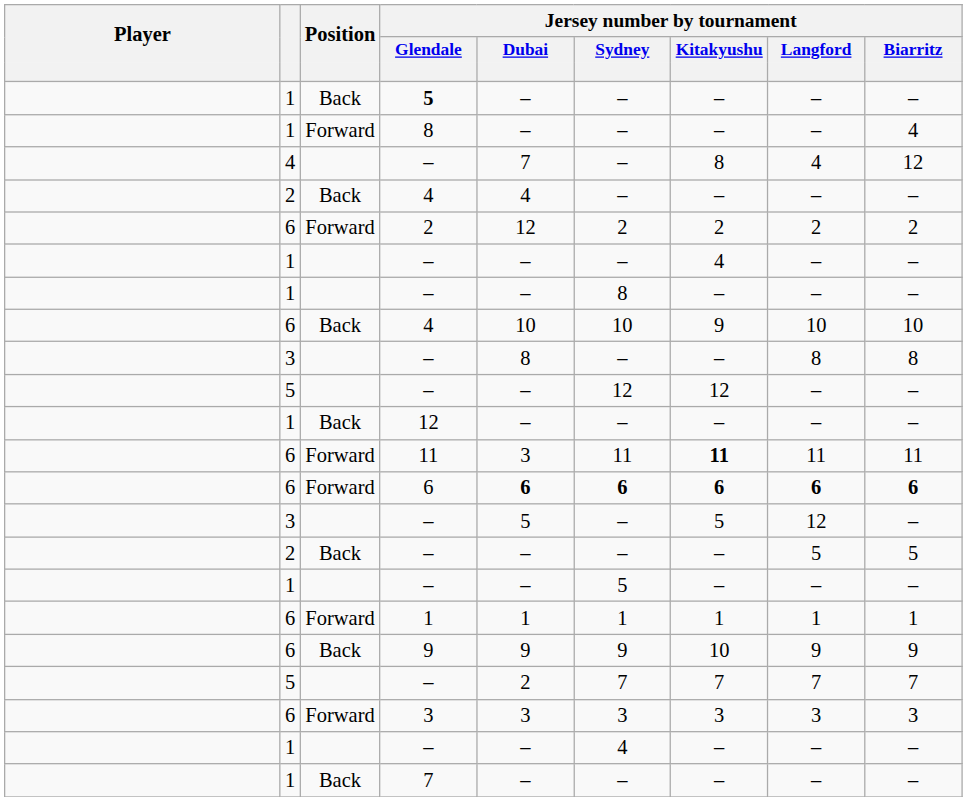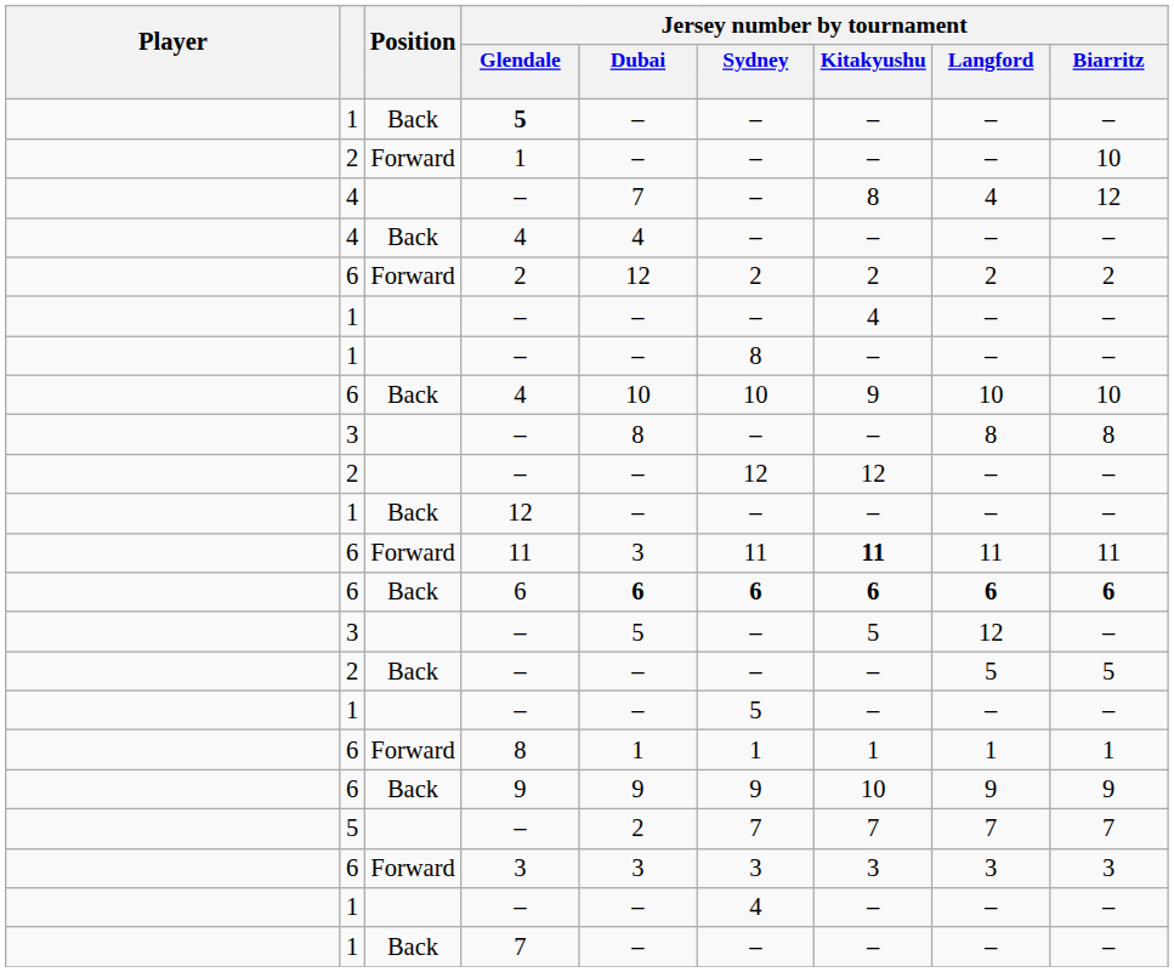 <table class="wikitable sortable" style="text-align:center;">
 <tr>
 <th rowspan=2 style="border-bottom:0px; width:13em;">Player</th>
 <th rowspan=2 style="border-bottom:0px;"></th>
 <th rowspan=2 style="border-bottom:0px;">Position</th>
 <th colspan=6 style="font-size:95%;">Jersey number by tournament</th>
 </tr>
 <tr>
 <th style="vertical-align:top; width:5.2em; border-bottom:0; padding:2px; font-size:85%;"><a href='#'>Glendale</a></th>
 <th style="vertical-align:top; width:5.2em; border-bottom:0; padding:2px; font-size:85%;"><a href='#'>Dubai</a></th>
 <th style="vertical-align:top; width:5.2em; border-bottom:0; padding:2px; font-size:85%;"><a href='#'>Sydney</a></th>
 <th style="vertical-align:top; width:5.2em; border-bottom:0; padding:2px; font-size:85%;"><a href='#'>Kitakyushu</a></th>
 <th style="vertical-align:top; width:5.2em; border-bottom:0; padding:2px; font-size:85%;"><a href='#'>Langford</a></th>
 <th style="vertical-align:top; width:5.2em; border-bottom:0; padding:2px; font-size:85%;"><a href='#'>Biarritz</a></th>
 </tr>
 <tr style="line-height:8px;">
 <th style="border-top:0;"> </th>
 <th style="border-top:0;"></th>
 <th style="border-top:0;"></th>
 <th data-sort-type="number" style="border-top:0;"></th>
 <th data-sort-type="number" style="border-top:0;"></th>
 <th data-sort-type="number" style="border-top:0;"></th>
 <th data-sort-type="number" style="border-top:0;"></th>
 <th data-sort-type="number" style="border-top:0;"></th>
 <th data-sort-type="number" style="border-top:0;"></th>
 </tr>
 <tr>
 <td align=left></td>
 <td>1</td>
 <td>Back</td>
 <td><strong>5</strong></td>
 <td>–</td>
 <td>–</td>
 <td>–</td>
 <td>–</td>
 <td>–</td>
 </tr>
 <tr>
 <td align=left></td>
+<td>2</td>
+<td>Forward</td>
 <td>1</td>
-<td>Forward</td>
-<td>8</td>
 <td>–</td>
 <td>–</td>
 <td>–</td>
 <td>–</td>
-<td>4</td>
+<td>10</td>
 </tr>
 <tr>
 <td align=left></td>
 <td>4</td>
 <td></td>
 <td>–</td>
 <td>7</td>
 <td>–</td>
 <td>8</td>
 <td>4</td>
 <td>12</td>
 </tr>
 <tr>
 <td align=left></td>
-<td>2</td>
+<td>4</td>
 <td>Back</td>
 <td>4</td>
 <td>4</td>
 <td>–</td>
 <td>–</td>
 <td>–</td>
 <td>–</td>
 </tr>
 <tr>
 <td align=left></td>
 <td>6</td>
 <td>Forward</td>
 <td>2</td>
 <td>12</td>
 <td>2</td>
 <td>2</td>
 <td>2</td>
 <td>2</td>
 </tr>
 <tr>
 <td align=left></td>
 <td>1</td>
 <td></td>
 <td>–</td>
 <td>–</td>
 <td>–</td>
 <td>4</td>
 <td>–</td>
 <td>–</td>
 </tr>
 <tr>
 <td align=left></td>
 <td>1</td>
 <td></td>
 <td>–</td>
 <td>–</td>
 <td>8</td>
 <td>–</td>
 <td>–</td>
 <td>–</td>
 </tr>
 <tr>
 <td align=left></td>
 <td>6</td>
 <td>Back</td>
 <td>4</td>
 <td>10</td>
 <td>10</td>
 <td>9</td>
 <td>10</td>
 <td>10</td>
 </tr>
 <tr>
 <td align=left></td>
 <td>3</td>
 <td></td>
 <td>–</td>
 <td>8</td>
 <td>–</td>
 <td>–</td>
 <td>8</td>
 <td>8</td>
 </tr>
 <tr>
 <td align=left></td>
-<td>5</td>
+<td>2</td>
 <td></td>
 <td>–</td>
 <td>–</td>
 <td>12</td>
 <td>12</td>
 <td>–</td>
 <td>–</td>
 </tr>
 <tr>
 <td align=left></td>
 <td>1</td>
 <td>Back</td>
 <td>12</td>
 <td>–</td>
 <td>–</td>
 <td>–</td>
 <td>–</td>
 <td>–</td>
 </tr>
 <tr>
 <td align=left></td>
 <td>6</td>
 <td>Forward</td>
 <td>11</td>
 <td>3</td>
 <td>11</td>
 <td><strong>11</strong></td>
 <td>11</td>
 <td>11</td>
 </tr>
 <tr>
 <td align=left></td>
 <td>6</td>
-<td>Forward</td>
+<td>Back</td>
 <td>6</td>
 <td><strong>6</strong></td>
 <td><strong>6</strong></td>
 <td><strong>6</strong></td>
 <td><strong>6</strong></td>
 <td><strong>6</strong></td>
 </tr>
 <tr>
 <td align=left></td>
 <td>3</td>
 <td></td>
 <td>–</td>
 <td>5</td>
 <td>–</td>
 <td>5</td>
 <td>12</td>
 <td>–</td>
 </tr>
 <tr>
 <td align=left></td>
 <td>2</td>
 <td>Back</td>
 <td>–</td>
 <td>–</td>
 <td>–</td>
 <td>–</td>
 <td>5</td>
 <td>5</td>
 </tr>
 <tr>
 <td align=left></td>
 <td>1</td>
 <td></td>
 <td>–</td>
 <td>–</td>
 <td>5</td>
 <td>–</td>
 <td>–</td>
 <td>–</td>
 </tr>
 <tr>
 <td align=left></td>
 <td>6</td>
 <td>Forward</td>
-<td>1</td>
+<td>8</td>
 <td>1</td>
 <td>1</td>
 <td>1</td>
 <td>1</td>
 <td>1</td>
 </tr>
 <tr>
 <td align=left></td>
 <td>6</td>
 <td>Back</td>
 <td>9</td>
 <td>9</td>
 <td>9</td>
 <td>10</td>
 <td>9</td>
 <td>9</td>
 </tr>
 <tr>
 <td align=left></td>
 <td>5</td>
 <td></td>
 <td>–</td>
 <td>2</td>
 <td>7</td>
 <td>7</td>
 <td>7</td>
 <td>7</td>
 </tr>
 <tr>
 <td align=left></td>
 <td>6</td>
 <td>Forward</td>
 <td>3</td>
 <td>3</td>
 <td>3</td>
 <td>3</td>
 <td>3</td>
 <td>3</td>
 </tr>
 <tr>
 <td align=left></td>
 <td>1</td>
 <td></td>
 <td>–</td>
 <td>–</td>
 <td>4</td>
 <td>–</td>
 <td>–</td>
 <td>–</td>
 </tr>
 <tr>
 <td align=left></td>
 <td>1</td>
 <td>Back</td>
 <td>7</td>
 <td>–</td>
 <td>–</td>
 <td>–</td>
 <td>–</td>
 <td>–</td>
 </tr>
 </table>
